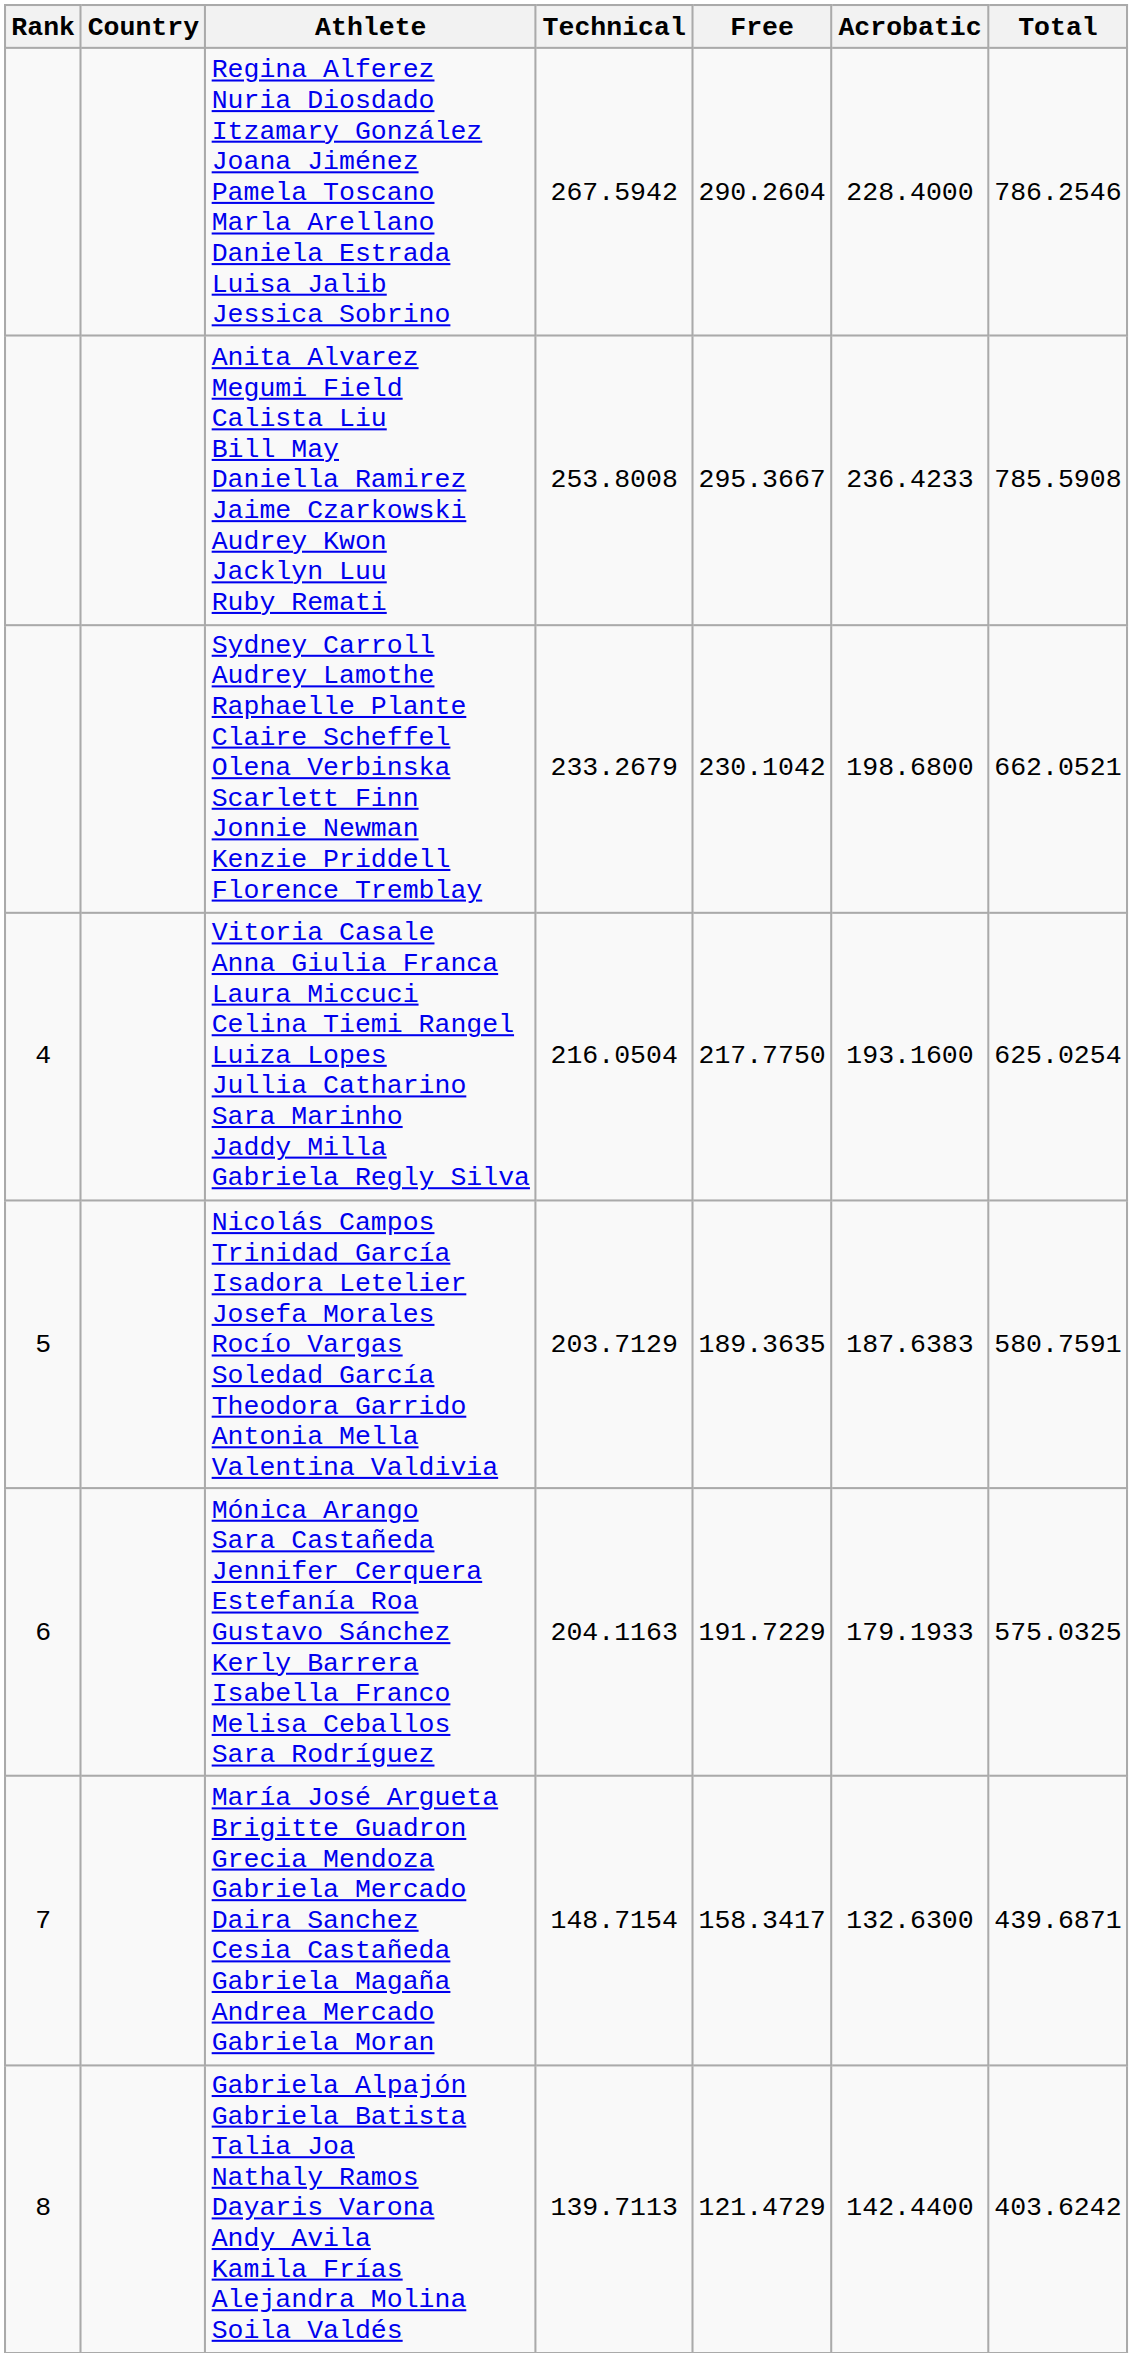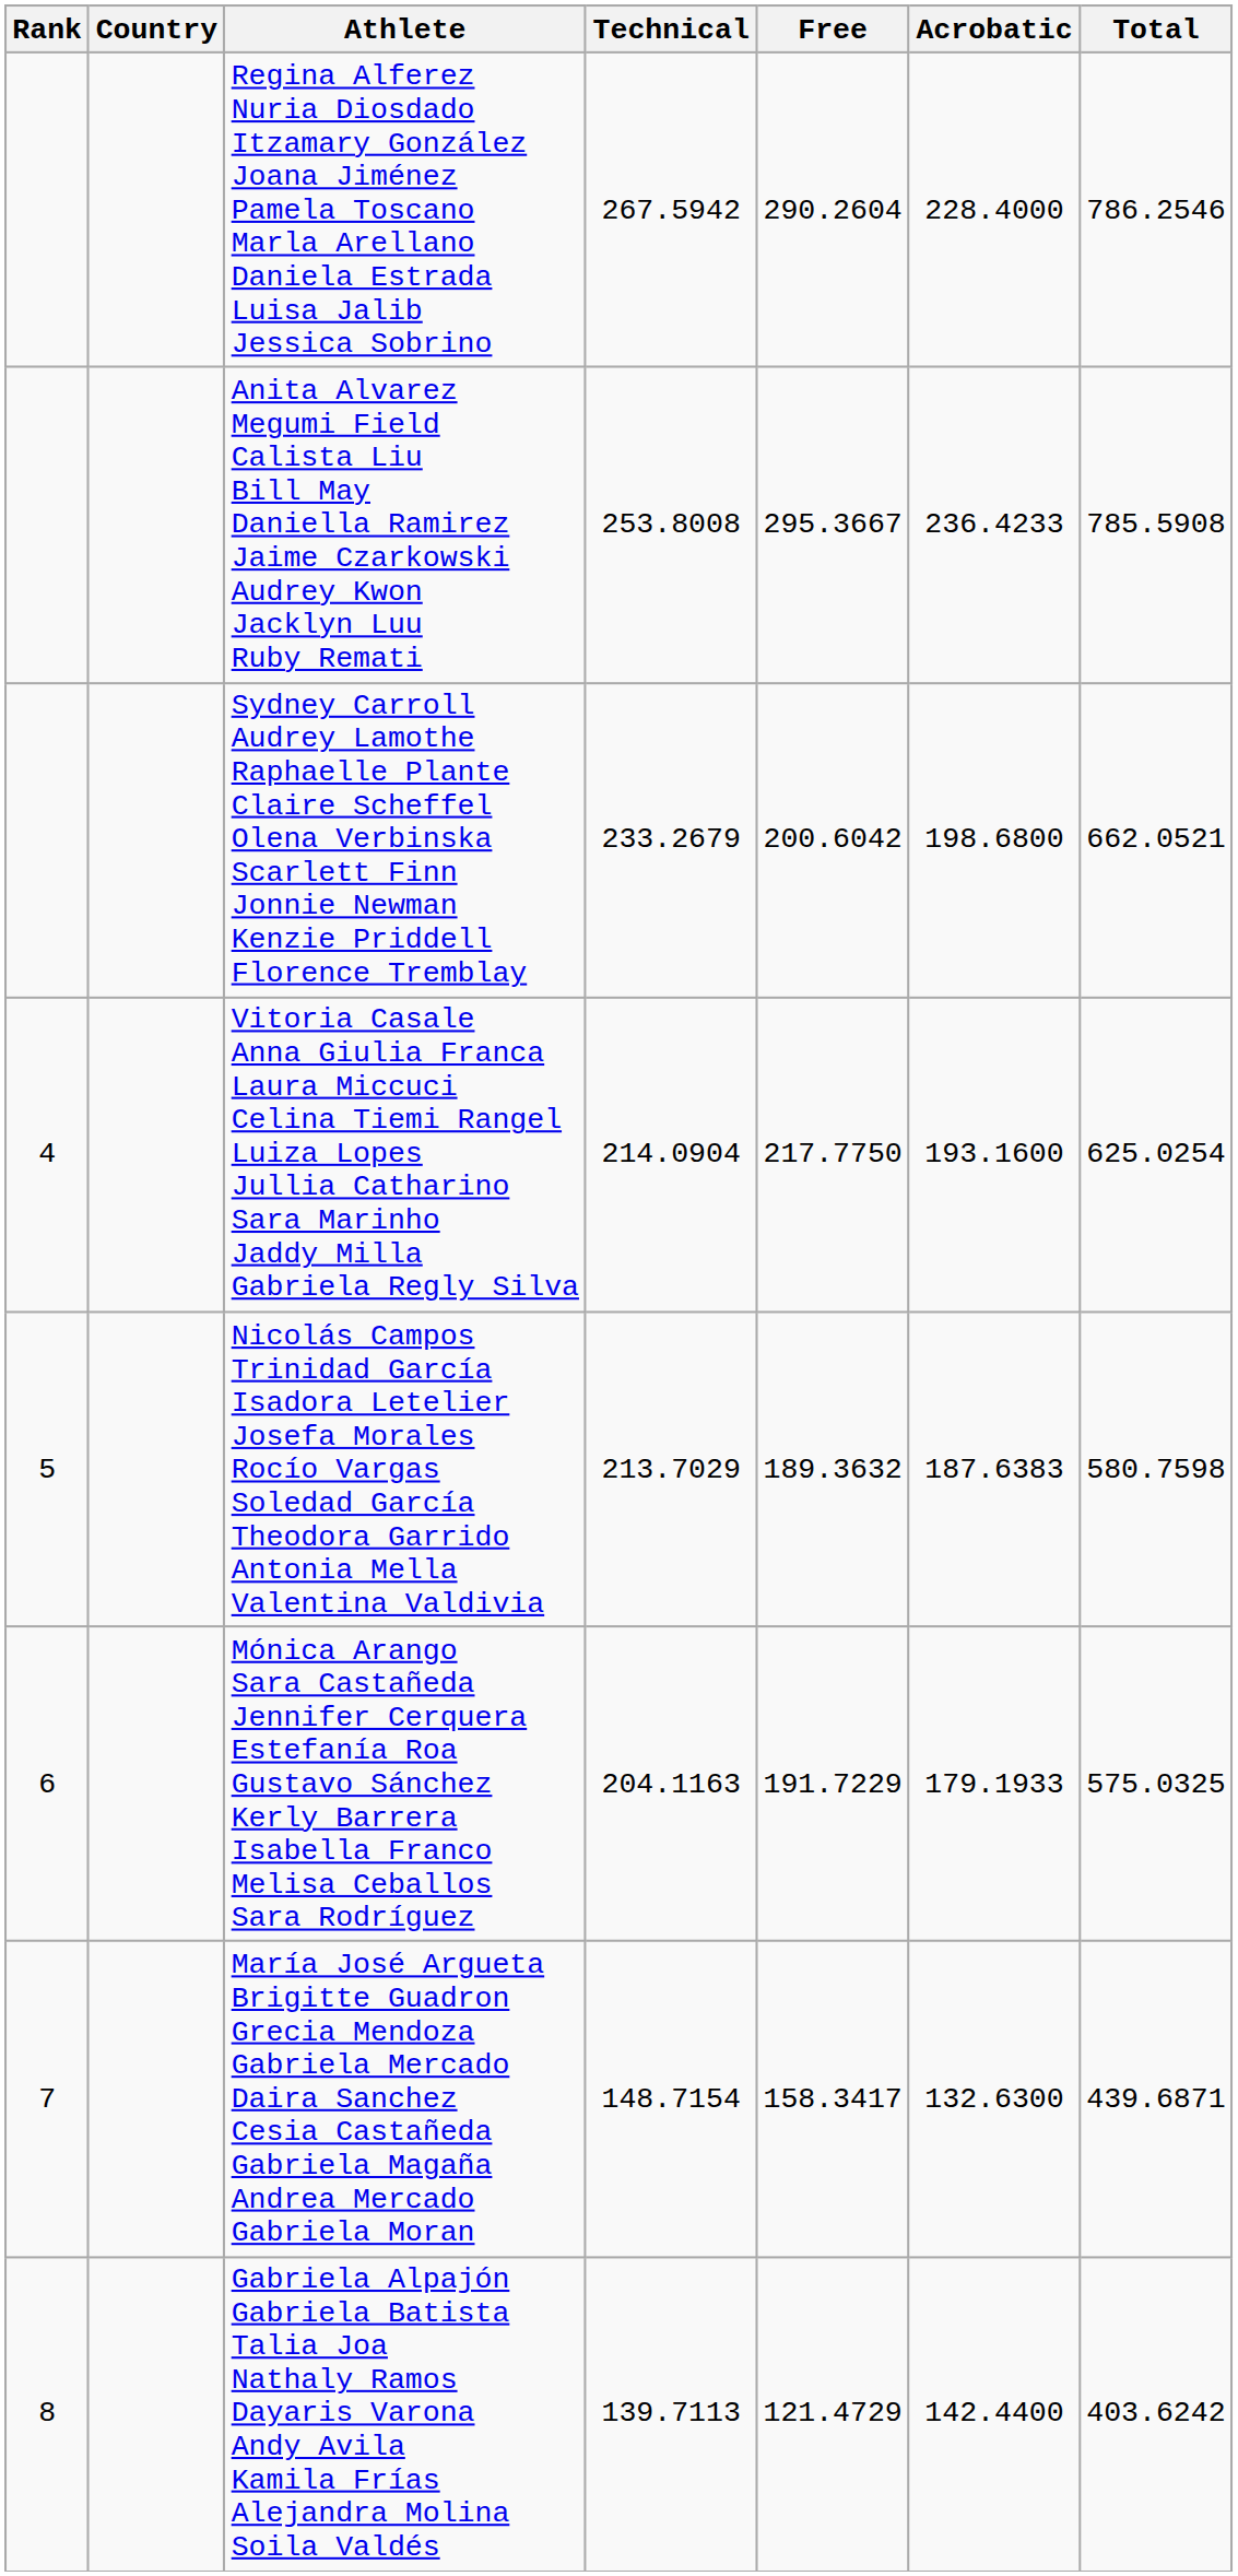 <table class="wikitable">
 <tr>
 <th>Rank</th>
 <th>Country</th>
 <th>Athlete</th>
 <th>Technical</th>
 <th>Free</th>
 <th>Acrobatic</th>
 <th>Total</th>
 </tr>
 <tr align=center>
 <td></td>
 <td align=left></td>
 <td align=left><a href='#'>Regina Alferez</a><br><a href='#'>Nuria Diosdado</a><br><a href='#'>Itzamary González</a><br><a href='#'>Joana Jiménez</a><br><a href='#'>Pamela Toscano</a><br><a href='#'>Marla Arellano</a><br><a href='#'>Daniela Estrada</a><br><a href='#'>Luisa Jalib</a><br><a href='#'>Jessica Sobrino</a></td>
 <td>267.5942</td>
 <td>290.2604</td>
 <td>228.4000</td>
 <td>786.2546</td>
 </tr>
 <tr align=center>
 <td></td>
 <td align=left></td>
 <td align=left><a href='#'>Anita Alvarez</a><br><a href='#'>Megumi Field</a><br><a href='#'>Calista Liu</a><br><a href='#'>Bill May</a><br><a href='#'>Daniella Ramirez</a><br><a href='#'>Jaime Czarkowski</a><br><a href='#'>Audrey Kwon</a><br><a href='#'>Jacklyn Luu</a><br><a href='#'>Ruby Remati</a></td>
 <td>253.8008</td>
 <td>295.3667</td>
 <td>236.4233</td>
 <td>785.5908</td>
 </tr>
 <tr align=center>
 <td></td>
 <td align=left></td>
 <td align=left><a href='#'>Sydney Carroll</a><br><a href='#'>Audrey Lamothe</a><br><a href='#'>Raphaelle Plante</a><br><a href='#'>Claire Scheffel</a><br><a href='#'>Olena Verbinska</a><br><a href='#'>Scarlett Finn</a><br><a href='#'>Jonnie Newman</a><br><a href='#'>Kenzie Priddell</a><br><a href='#'>Florence Tremblay</a></td>
 <td>233.2679</td>
-<td>230.1042</td>
+<td>200.6042</td>
 <td>198.6800</td>
 <td>662.0521</td>
 </tr>
 <tr align=center>
 <td>4</td>
 <td align=left></td>
 <td align=left><a href='#'>Vitoria Casale</a><br><a href='#'>Anna Giulia Franca</a><br><a href='#'>Laura Miccuci</a><br><a href='#'>Celina Tiemi Rangel</a><br><a href='#'>Luiza Lopes</a><br><a href='#'>Jullia Catharino</a><br><a href='#'>Sara Marinho</a><br><a href='#'>Jaddy Milla</a><br><a href='#'>Gabriela Regly Silva</a></td>
-<td>216.0504</td>
+<td>214.0904</td>
 <td>217.7750</td>
 <td>193.1600</td>
 <td>625.0254</td>
 </tr>
 <tr align=center>
 <td>5</td>
 <td align=left></td>
 <td align=left><a href='#'>Nicolás Campos</a><br><a href='#'>Trinidad García</a><br><a href='#'>Isadora Letelier</a><br><a href='#'>Josefa Morales</a><br><a href='#'>Rocío Vargas</a><br><a href='#'>Soledad García</a><br><a href='#'>Theodora Garrido</a><br><a href='#'>Antonia Mella</a><br><a href='#'>Valentina Valdivia</a></td>
-<td>203.7129</td>
-<td>189.3635</td>
+<td>213.7029</td>
+<td>189.3632</td>
 <td>187.6383</td>
-<td>580.7591</td>
+<td>580.7598</td>
 </tr>
 <tr align=center>
 <td>6</td>
 <td align=left></td>
 <td align=left><a href='#'>Mónica Arango</a><br><a href='#'>Sara Castañeda</a><br><a href='#'>Jennifer Cerquera</a><br><a href='#'>Estefanía Roa</a><br><a href='#'>Gustavo Sánchez</a><br><a href='#'>Kerly Barrera</a><br><a href='#'>Isabella Franco</a><br><a href='#'>Melisa Ceballos</a><br><a href='#'>Sara Rodríguez</a></td>
 <td>204.1163</td>
 <td>191.7229</td>
 <td>179.1933</td>
 <td>575.0325</td>
 </tr>
 <tr align=center>
 <td>7</td>
 <td align=left></td>
 <td align=left><a href='#'>María José Argueta</a><br><a href='#'>Brigitte Guadron</a><br><a href='#'>Grecia Mendoza</a><br><a href='#'>Gabriela Mercado</a><br><a href='#'>Daira Sanchez</a><br><a href='#'>Cesia Castañeda</a><br><a href='#'>Gabriela Magaña</a><br><a href='#'>Andrea Mercado</a><br><a href='#'>Gabriela Moran</a></td>
 <td>148.7154</td>
 <td>158.3417</td>
 <td>132.6300</td>
 <td>439.6871</td>
 </tr>
 <tr align=center>
 <td>8</td>
 <td align=left></td>
 <td align=left><a href='#'>Gabriela Alpajón</a><br><a href='#'>Gabriela Batista</a><br><a href='#'>Talia Joa</a><br><a href='#'>Nathaly Ramos</a><br><a href='#'>Dayaris Varona</a><br><a href='#'>Andy Avila</a><br><a href='#'>Kamila Frías</a><br><a href='#'>Alejandra Molina</a><br><a href='#'>Soila Valdés</a></td>
 <td>139.7113</td>
 <td>121.4729</td>
 <td>142.4400</td>
 <td>403.6242</td>
 </tr>
 <tr>
 </tr>
 </table>
